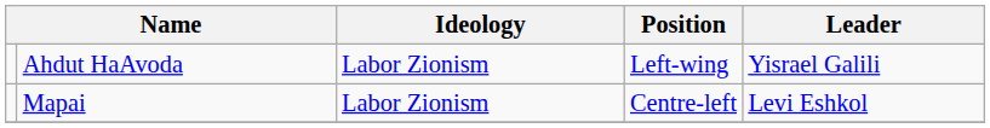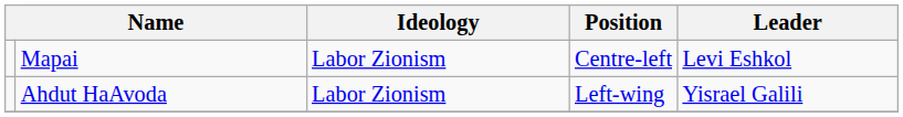 <table class=wikitable>
 <tr>
 <th colspan=2>Name</th>
 <th>Ideology</th>
 <th>Position</th>
 <th>Leader</th>
 </tr>
 <tr>
 <td style="background: "></td>
+<td style="width:200px"><a href='#'>Mapai</a></td>
+<td style="width:180px"><a href='#'>Labor Zionism</a></td>
+<td><a href='#'>Centre-left</a></td>
+<td style="width:150px"><a href='#'>Levi Eshkol</a></td>
+</tr>
+<tr>
+<td style="background: "></td>
 <td style="width:200px"><a href='#'>Ahdut HaAvoda</a></td>
 <td style="width:180px"><a href='#'>Labor Zionism</a></td>
 <td><a href='#'>Left-wing</a></td>
 <td><a href='#'>Yisrael Galili</a></td>
 </tr>
 <tr>
-<td style="background: "></td>
-<td style="width:200px"><a href='#'>Mapai</a></td>
-<td style="width:180px"><a href='#'>Labor Zionism</a></td>
-<td><a href='#'>Centre-left</a></td>
-<td style="width:150px"><a href='#'>Levi Eshkol</a></td>
-</tr>
-<tr>
 </tr>
 </table>
